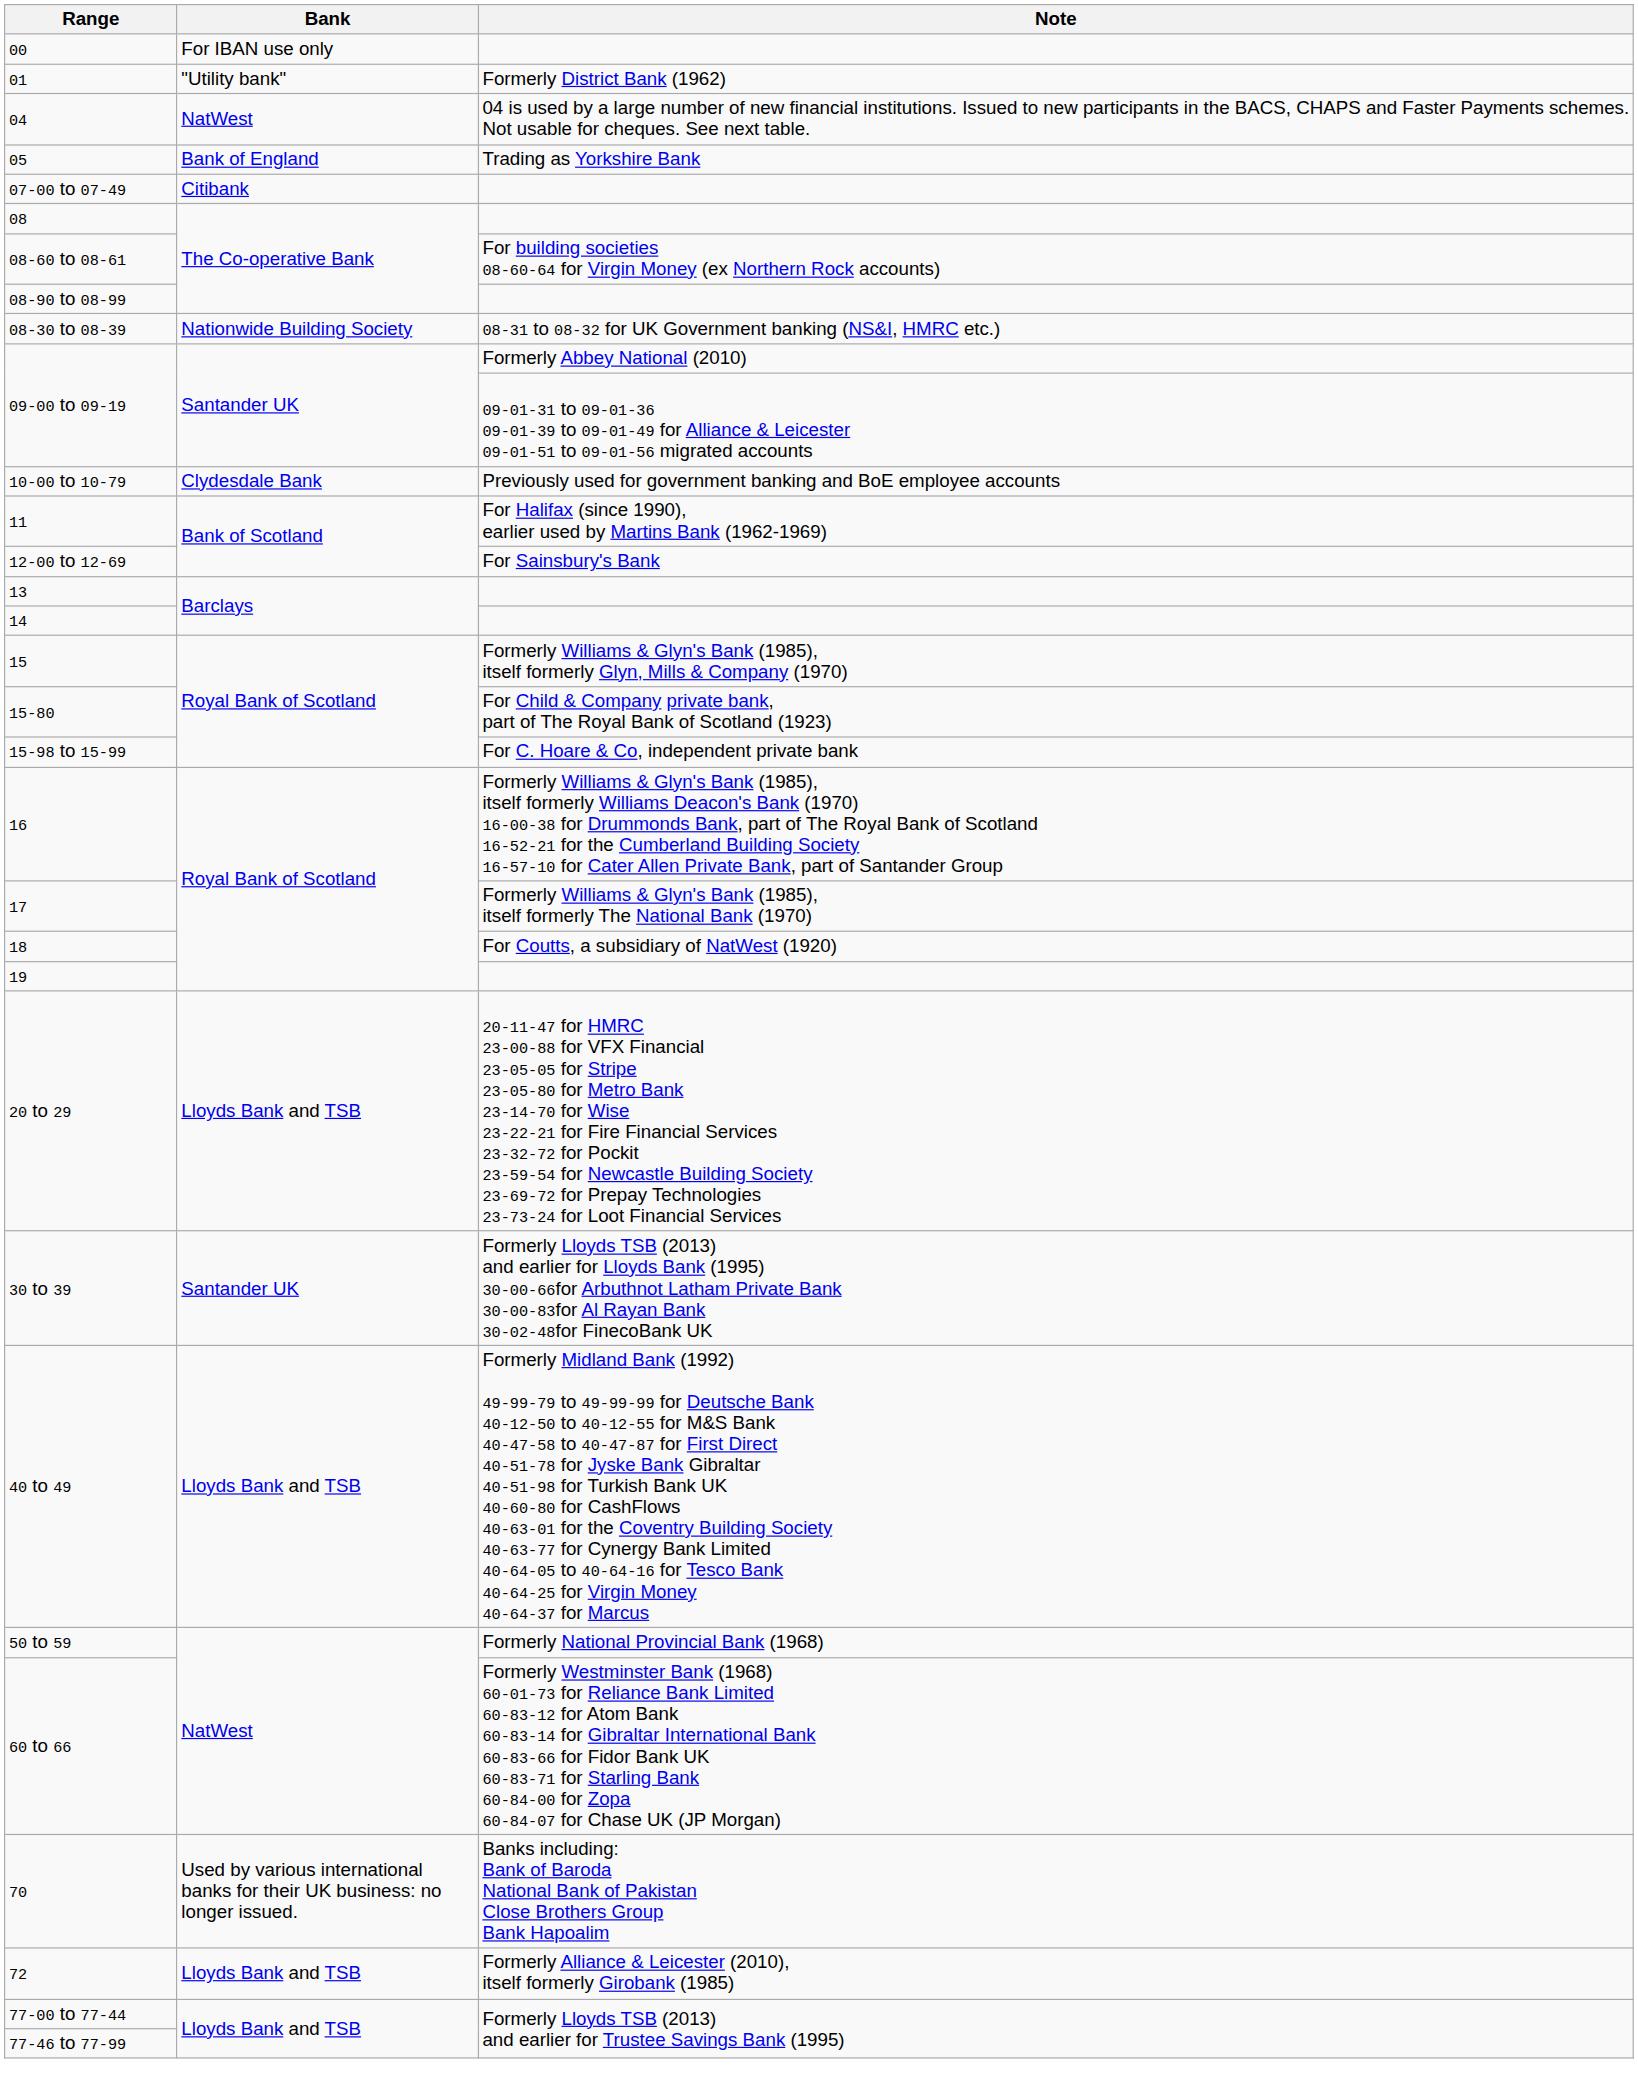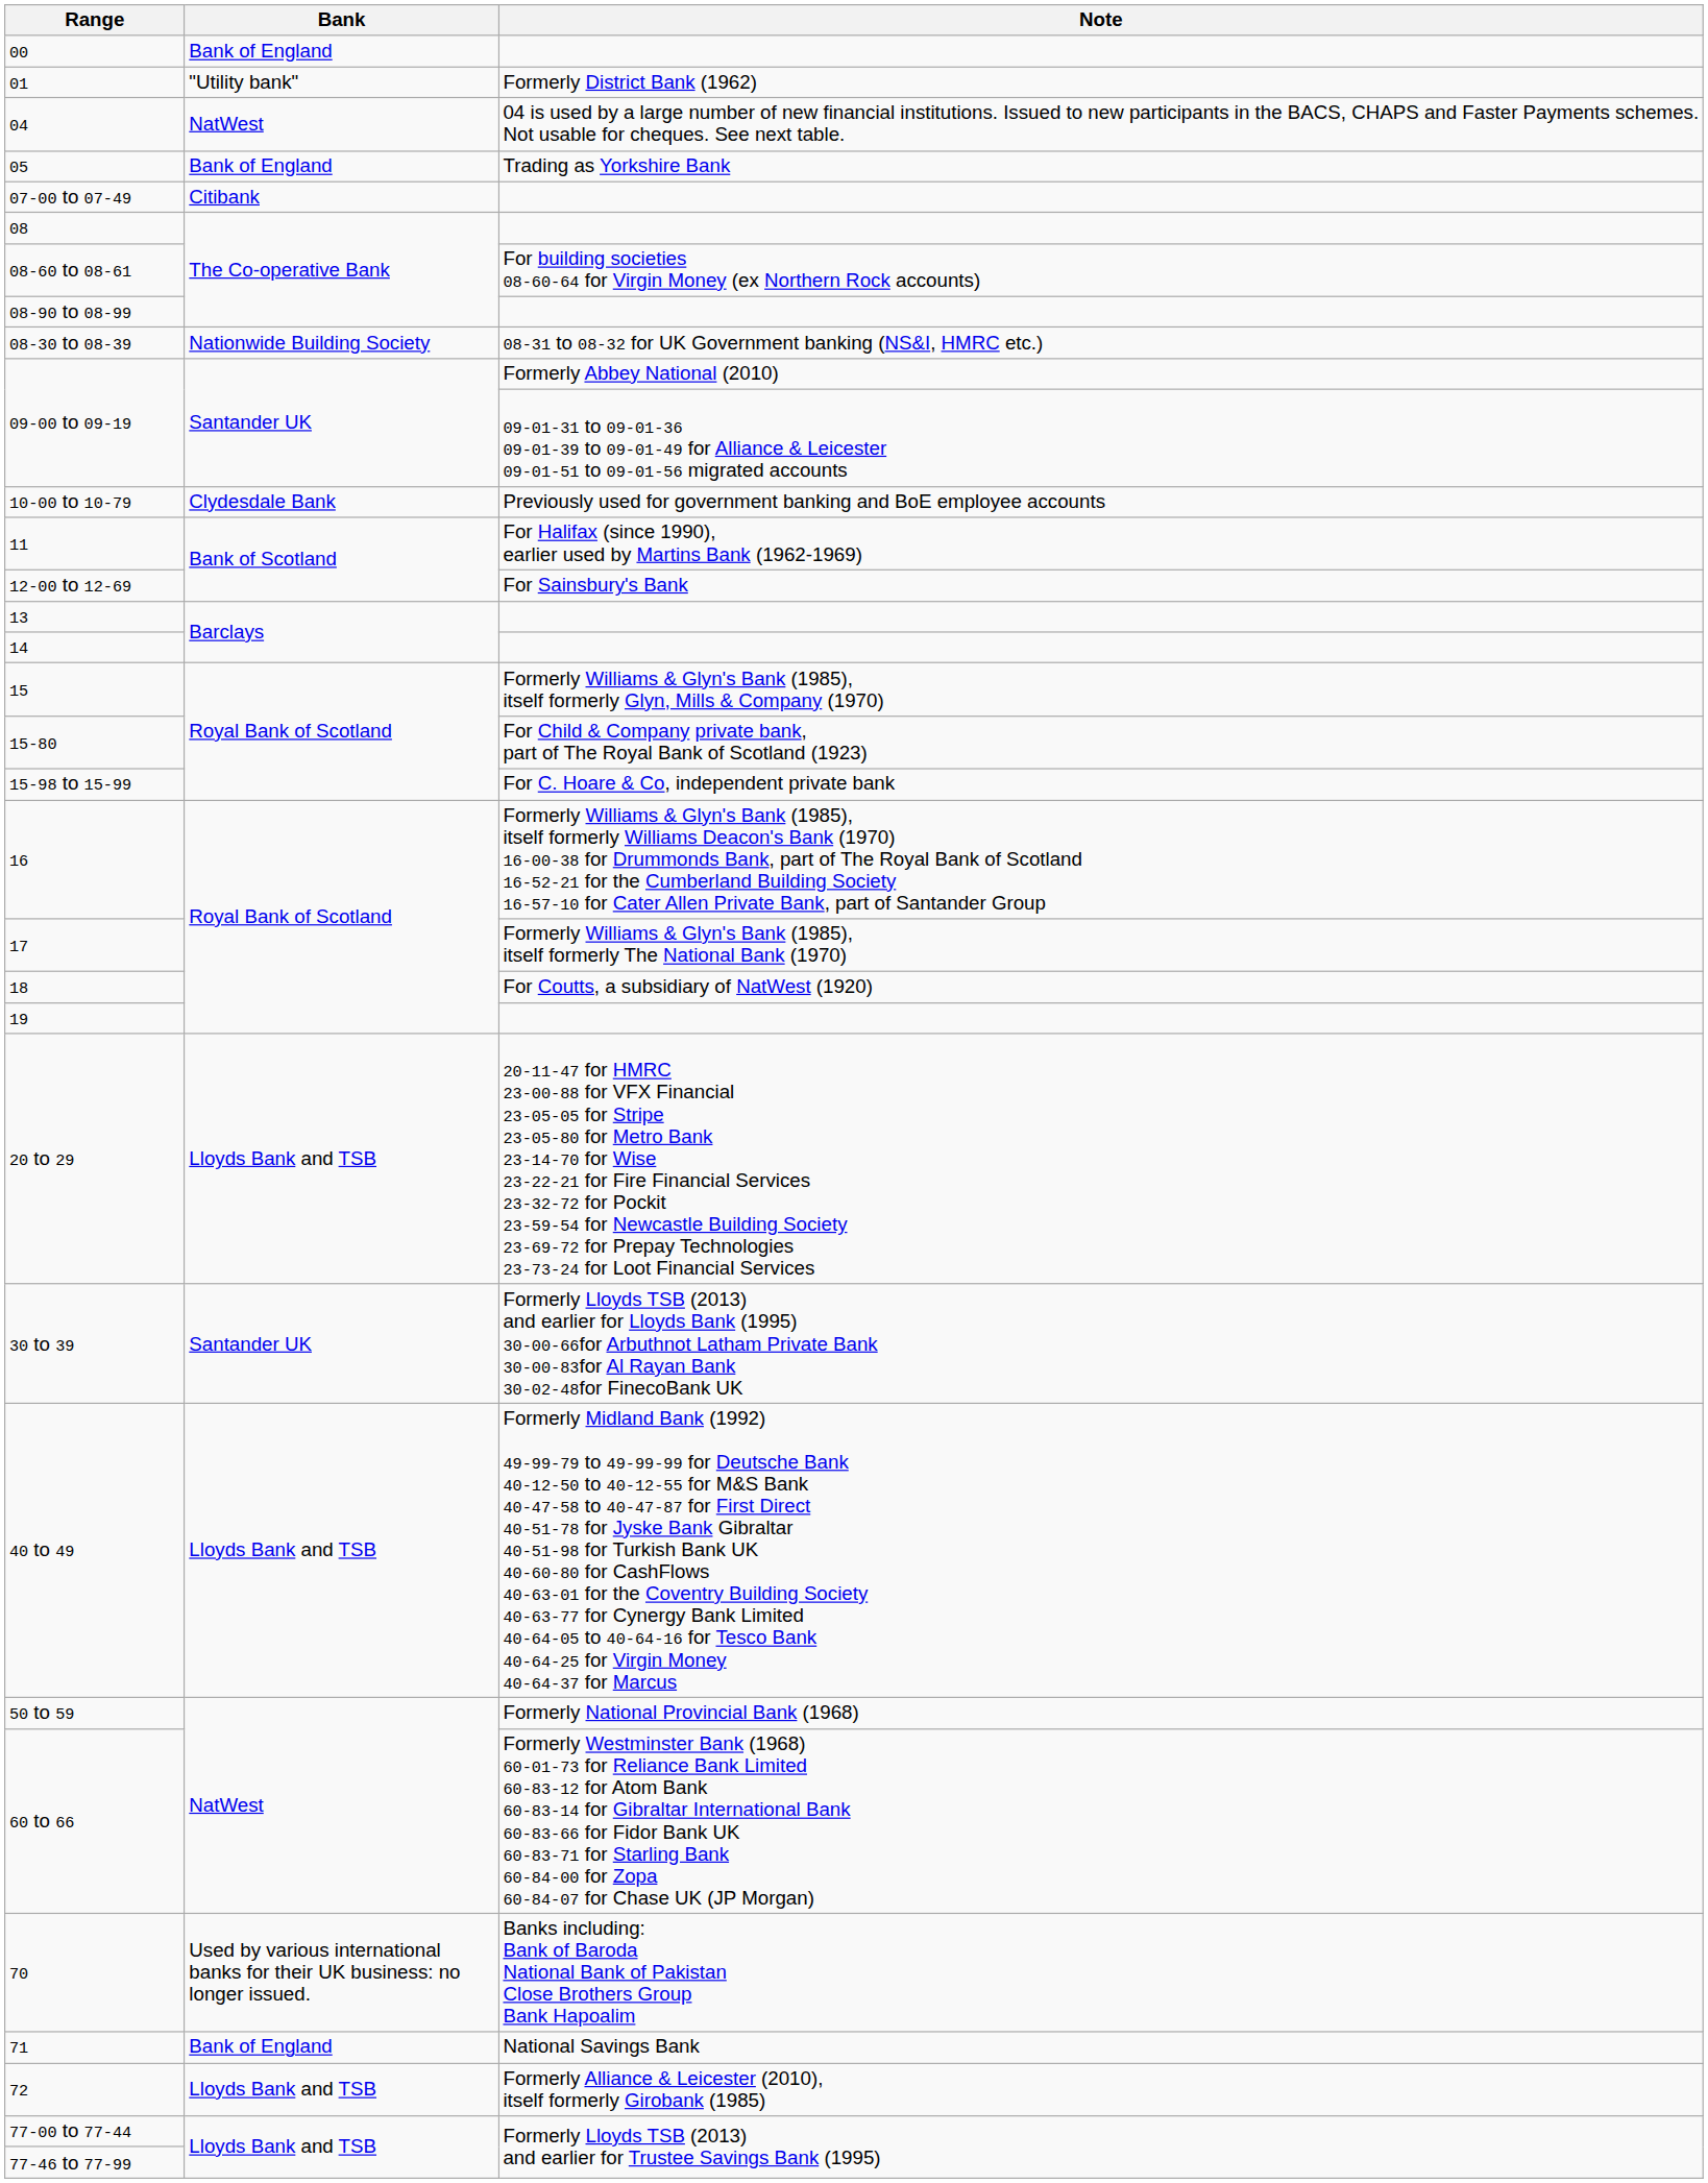 <table class="wikitable sortable mw-collapsible">
 <tr>
 <th width="140">Range</th>
 <th width="250">Bank</th>
 <th class=unsortable>Note</th>
 </tr>
 <tr>
 <td><code>00</code></td>
-<td>For IBAN use only</td>
+<td><a href='#'>Bank of England</a></td>
 <td></td>
 </tr>
 <tr>
 <td><code>01</code></td>
 <td>"Utility bank"</td>
 <td>Formerly <a href='#'>District Bank</a> (1962)</td>
 </tr>
 <tr>
 <td><code>04</code></td>
 <td><a href='#'>NatWest</a></td>
 <td>04  is used by a large number of new financial institutions. Issued to new participants in the BACS, CHAPS and Faster Payments schemes.<br>Not usable for cheques. See next table.</td>
 </tr>
 <tr>
 <td><code>05</code></td>
 <td><a href='#'>Bank of England</a></td>
 <td>Trading as <a href='#'>Yorkshire Bank</a></td>
 </tr>
 <tr>
 <td><code>07-00</code> to <code>07-49</code></td>
 <td><a href='#'>Citibank</a></td>
 <td></td>
 </tr>
 <tr>
 <td><code>08</code></td>
 <td rowspan=3><a href='#'>The Co-operative Bank</a></td>
 <td></td>
 </tr>
 <tr>
 <td><code>08-60</code> to <code>08-61</code></td>
 <td>For <a href='#'>building societies</a>  <br><code>08-60-64</code> for <a href='#'>Virgin Money</a> (ex <a href='#'>Northern Rock</a> accounts)</td>
 </tr>
 <tr>
 <td><code>08-90</code> to <code>08-99</code></td>
 <td></td>
 </tr>
 <tr>
 <td><code>08-30</code> to <code>08-39</code></td>
 <td><a href='#'>Nationwide Building Society</a></td>
 <td><code>08-31</code> to <code>08-32</code> for UK Government banking (<a href='#'>NS&I</a>, <a href='#'>HMRC</a> etc.)</td>
 </tr>
 <tr>
 <td rowspan=2><code>09-00</code> to <code>09-19</code></td>
 <td rowspan=2><a href='#'>Santander UK</a></td>
 <td>Formerly <a href='#'>Abbey National</a> (2010)<br></td>
 </tr>
 <tr>
 <td><br><code>09-01-31</code> to <code>09-01-36</code> <br> <code>09-01-39</code> to <code>09-01-49</code> for <a href='#'>Alliance & Leicester</a><br> <code>09-01-51</code> to <code>09-01-56</code> migrated accounts</td>
 </tr>
 <tr>
 <td><code>10-00</code> to <code>10-79</code></td>
 <td><a href='#'>Clydesdale Bank</a></td>
 <td>Previously used for government banking and BoE employee accounts</td>
 </tr>
 <tr>
 <td><code>11</code></td>
 <td rowspan=2><a href='#'>Bank of Scotland</a></td>
 <td>For <a href='#'>Halifax</a> (since 1990),<br> earlier used by <a href='#'>Martins Bank</a> (1962-1969)</td>
 </tr>
 <tr>
 <td><code>12-00</code> to <code>12-69</code></td>
 <td>For <a href='#'>Sainsbury's Bank</a></td>
 </tr>
 <tr>
 <td><code>13</code></td>
 <td rowspan=2><a href='#'>Barclays</a></td>
 <td></td>
 </tr>
 <tr>
 <td><code>14</code></td>
 <td></td>
 </tr>
 <tr>
 <td><code>15</code></td>
 <td rowspan=3><a href='#'>Royal Bank of Scotland</a></td>
 <td>Formerly <a href='#'>Williams & Glyn's Bank</a> (1985),<br> itself formerly <a href='#'>Glyn, Mills & Company</a> (1970)</td>
 </tr>
 <tr>
 <td><code>15-80</code></td>
 <td>For <a href='#'>Child & Company</a> <a href='#'>private bank</a>,<br>part of The Royal Bank of Scotland (1923)</td>
 </tr>
 <tr>
 <td><code>15-98</code> to <code>15-99</code></td>
 <td>For <a href='#'>C. Hoare & Co</a>, independent private bank</td>
 </tr>
 <tr>
 <td><code>16</code></td>
 <td rowspan="4"><a href='#'>Royal Bank of Scotland</a></td>
 <td>Formerly <a href='#'>Williams & Glyn's Bank</a> (1985),<br> itself formerly <a href='#'>Williams Deacon's Bank</a> (1970)<br><code>16-00-38</code> for <a href='#'>Drummonds Bank</a>, part of The Royal Bank of Scotland<br> <code>16-52-21</code> for the <a href='#'>Cumberland Building Society</a><br> <code>16-57-10</code> for <a href='#'>Cater Allen Private Bank</a>, part of Santander Group</td>
 </tr>
 <tr>
 <td><code>17</code></td>
 <td>Formerly <a href='#'>Williams & Glyn's Bank</a> (1985),<br> itself formerly The <a href='#'>National Bank</a> (1970)</td>
 </tr>
 <tr>
 <td><code>18</code></td>
 <td>For <a href='#'>Coutts</a>, a subsidiary of <a href='#'>NatWest</a> (1920)</td>
 </tr>
 <tr>
 <td><code>19</code></td>
 <td></td>
 </tr>
 <tr>
 <td><code>20</code> to <code>29</code></td>
 <td><a href='#'>Lloyds Bank</a> and <a href='#'>TSB</a></td>
 <td><br><code>20-11-47</code> for <a href='#'>HMRC</a><br> <code>23-00-88</code> for VFX Financial<br> <code>23-05-05</code> for <a href='#'>Stripe</a><br> <code>23-05-80</code> for <a href='#'>Metro Bank</a><br> <code>23-14-70</code> for <a href='#'>Wise</a><br> <code>23-22-21</code> for Fire Financial Services<br> <code>23-32-72</code> for Pockit <br>                                 <code>23-59-54</code> for <a href='#'>Newcastle Building Society</a><br> <code>23-69-72</code> for Prepay Technologies<br> <code>23-73-24</code> for Loot Financial Services</td>
 </tr>
 <tr>
 <td><code>30</code> to <code>39</code></td>
 <td><a href='#'>Santander UK</a></td>
 <td>Formerly <a href='#'>Lloyds TSB</a> (2013)<br> and earlier for <a href='#'>Lloyds Bank</a> (1995)<br><code>30-00-66</code>for <a href='#'>Arbuthnot Latham Private Bank</a><br> <code>30-00-83</code>for <a href='#'>Al Rayan Bank</a><br> <code>30-02-48</code>for FinecoBank UK</td>
 </tr>
 <tr>
 <td><code>40</code> to <code>49</code></td>
 <td><a href='#'>Lloyds Bank</a> and <a href='#'>TSB</a></td>
 <td>Formerly <a href='#'>Midland Bank</a> (1992)<br><br><code>49-99-79</code> to <code>49-99-99</code> for <a href='#'>Deutsche Bank</a><br> <code>40-12-50</code> to <code>40-12-55</code> for M&S Bank<br> <code>40-47-58</code> to <code>40-47-87</code> for <a href='#'>First Direct</a><br> <code>40-51-78</code> for <a href='#'>Jyske Bank</a> Gibraltar<br> <code>40-51-98</code> for Turkish Bank UK<br> <code>40-60-80</code> for CashFlows<br> <code>40-63-01</code> for the <a href='#'>Coventry Building Society</a><br> <code>40-63-77</code> for Cynergy Bank Limited <br>         <code>40-64-05</code> to <code>40-64-16</code> for <a href='#'>Tesco Bank</a><br> <code>40-64-25</code> for <a href='#'>Virgin Money</a><br> <code>40-64-37</code> for <a href='#'>Marcus</a><br></td>
 </tr>
 <tr>
 <td><code>50</code> to <code>59</code></td>
 <td rowspan=2><a href='#'>NatWest</a></td>
 <td>Formerly <a href='#'>National Provincial Bank</a> (1968)</td>
 </tr>
 <tr>
 <td><code>60</code> to <code>66</code></td>
 <td>Formerly <a href='#'>Westminster Bank</a> (1968)<br><code>60-01-73</code> for <a href='#'>Reliance Bank Limited</a><br> <code>60-83-12</code> for Atom Bank<br> <code>60-83-14</code> for <a href='#'>Gibraltar International Bank</a><br> <code>60-83-66</code> for Fidor Bank UK<br> <code>60-83-71</code> for <a href='#'>Starling Bank</a><br> <code>60-84-00</code> for <a href='#'>Zopa</a><br> <code>60-84-07</code> for Chase UK (JP Morgan)</td>
 </tr>
 <tr>
 <td><code>70</code></td>
 <td>Used by various international banks for their UK business: no longer issued.</td>
 <td>Banks including:<br><a href='#'>Bank of Baroda</a><br><a href='#'>National Bank of Pakistan</a><br><a href='#'>Close Brothers Group</a><br><a href='#'>Bank Hapoalim</a></td>
 </tr>
 <tr>
+<td><code>71</code></td>
+<td><a href='#'>Bank of England</a></td>
+<td>National Savings Bank</td>
+</tr>
+<tr>
 <td><code>72</code></td>
 <td><a href='#'>Lloyds Bank</a> and <a href='#'>TSB</a></td>
 <td>Formerly <a href='#'>Alliance & Leicester</a> (2010),<br> itself formerly <a href='#'>Girobank</a> (1985)</td>
 </tr>
 <tr>
 <td><code>77-00</code> to <code>77-44</code></td>
 <td rowspan=2><a href='#'>Lloyds Bank</a> and <a href='#'>TSB</a></td>
 <td rowspan=2>Formerly <a href='#'>Lloyds TSB</a> (2013)<br> and earlier for <a href='#'>Trustee Savings Bank</a> (1995)</td>
 </tr>
 <tr>
 <td><code>77-46</code> to <code>77-99</code></td>
 </tr>
 </table>
